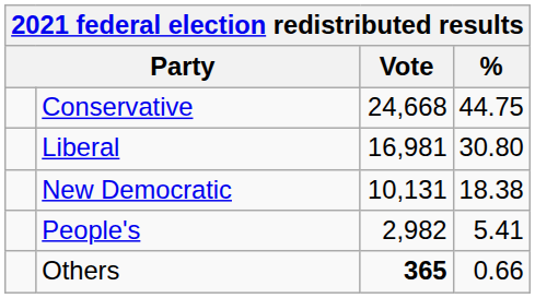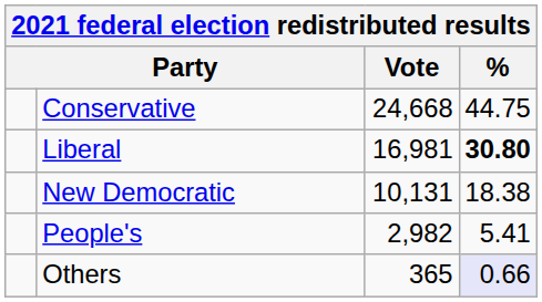 <table class="wikitable">
 <tr>
 <th colspan="4"><a href='#'>2021 federal election</a> redistributed results</th>
 </tr>
 <tr>
 <th bgcolor="#DDDDFF" width="130px" colspan="2">Party</th>
 <th bgcolor="#DDDDFF" width="50px">Vote</th>
 <th bgcolor="#DDDDFF" width="30px">%</th>
 </tr>
 <tr>
 <td> </td>
 <td><a href='#'>Conservative</a></td>
 <td align=right>24,668</td>
 <td align=right>44.75</td>
 </tr>
 <tr>
 <td> </td>
 <td><a href='#'>Liberal</a></td>
 <td align=right>16,981</td>
-<td align=right>30.80</td>
+<td align=right><strong>30.80</strong></td>
 </tr>
 <tr>
 <td> </td>
 <td><a href='#'>New Democratic</a></td>
 <td align=right>10,131</td>
 <td align=right>18.38</td>
 </tr>
 <tr>
 <td> </td>
 <td><a href='#'>People's</a></td>
 <td align=right>2,982</td>
 <td align=right>5.41</td>
 </tr>
 <tr>
 <td> </td>
 <td>Others</td>
-<td align=right><strong>365</strong></td>
-<td align=right>0.66</td>
+<td align=right>365</td>
+<td align=right style="background: lavender;">0.66</td>
 </tr>
 </table>
